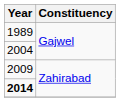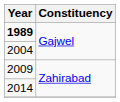 <table class="wikitable sortable">
 <tr>
 <th>Year</th>
 <th>Constituency</th>
 </tr>
 <tr>
-<td>1989</td>
+<td><strong>1989</strong></td>
 <td rowspan=2><a href='#'>Gajwel</a></td>
 </tr>
 <tr>
 <td>2004</td>
 </tr>
 <tr>
 <td>2009</td>
 <td rowspan=2><a href='#'>Zahirabad</a></td>
 </tr>
 <tr>
-<td><strong>2014</strong></td>
+<td>2014</td>
 </tr>
 <tr>
 </tr>
 </table>
